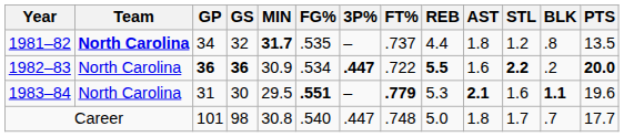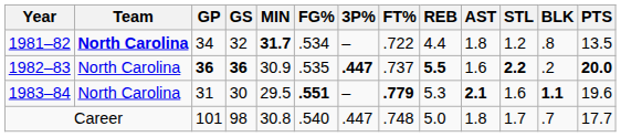 <table class="wikitable sortable">
 <tr>
 <th>Year</th>
 <th>Team</th>
 <th>GP</th>
 <th>GS</th>
 <th>MIN</th>
 <th>FG%</th>
 <th>3P%</th>
 <th>FT%</th>
 <th>REB</th>
 <th>AST</th>
 <th>STL</th>
 <th>BLK</th>
 <th>PTS</th>
 </tr>
 <tr>
 <td style="text-align:left;"><a href='#'>1981–82</a></td>
 <td style="text-align:left;"><strong><a href='#'>North Carolina</a></strong></td>
 <td>34</td>
 <td>32</td>
 <td><strong>31.7</strong></td>
-<td>.535</td>
+<td>.534</td>
 <td>–</td>
-<td>.737</td>
+<td>.722</td>
 <td>4.4</td>
 <td>1.8</td>
 <td>1.2</td>
 <td>.8</td>
 <td>13.5</td>
 </tr>
 <tr>
 <td style="text-align:left;"><a href='#'>1982–83</a></td>
 <td style="text-align:left;"><a href='#'>North Carolina</a></td>
 <td><strong>36</strong></td>
 <td><strong>36</strong></td>
 <td>30.9</td>
-<td>.534</td>
+<td>.535</td>
 <td><strong>.447</strong></td>
-<td>.722</td>
+<td>.737</td>
 <td><strong>5.5</strong></td>
 <td>1.6</td>
 <td><strong>2.2</strong></td>
 <td>.2</td>
 <td><strong>20.0</strong></td>
 </tr>
 <tr>
 <td style="text-align:left;"><a href='#'>1983–84</a></td>
 <td style="text-align:left;"><a href='#'>North Carolina</a></td>
 <td>31</td>
 <td>30</td>
 <td>29.5</td>
 <td><strong>.551</strong></td>
 <td>–</td>
 <td><strong>.779</strong></td>
 <td>5.3</td>
 <td><strong>2.1</strong></td>
 <td>1.6</td>
 <td><strong>1.1</strong></td>
 <td>19.6</td>
 </tr>
 <tr>
 <td align="center" colspan=2>Career</td>
 <td>101</td>
 <td>98</td>
 <td>30.8</td>
 <td>.540</td>
 <td>.447</td>
 <td>.748</td>
 <td>5.0</td>
 <td>1.8</td>
 <td>1.7</td>
 <td>.7</td>
 <td>17.7</td>
 </tr>
 </table>
